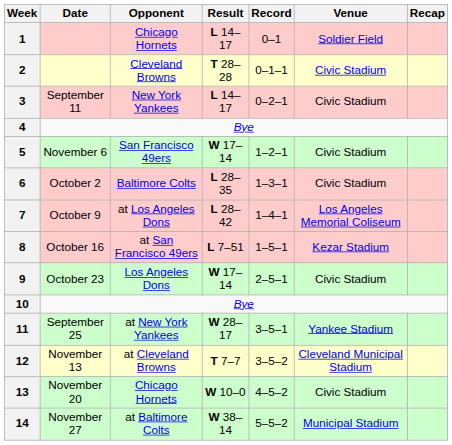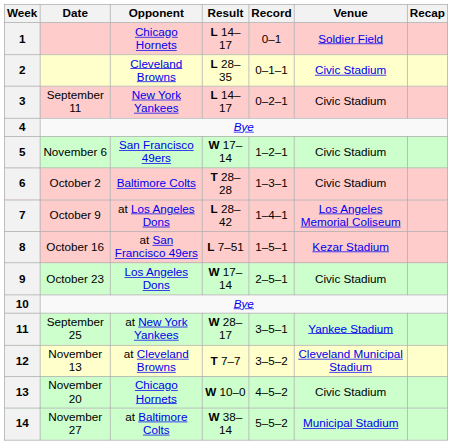 <table class="wikitable" style="text-align:center">
 <tr>
 <th>Week</th>
 <th>Date</th>
 <th>Opponent</th>
 <th>Result</th>
 <th>Record</th>
 <th>Venue</th>
 <th>Recap</th>
 </tr>
 <tr style="background: #fcc;">
 <th>1</th>
 <td></td>
 <td><a href='#'>Chicago Hornets</a></td>
 <td><strong>L</strong> 14–17</td>
 <td>0–1</td>
 <td><a href='#'>Soldier Field</a></td>
 <td></td>
 </tr>
 <tr style="background: #ffc;">
 <th>2</th>
 <td></td>
 <td><a href='#'>Cleveland Browns</a></td>
-<td><strong>T</strong> 28–28</td>
+<td><strong>L</strong> 28–35</td>
 <td>0–1–1</td>
 <td><a href='#'>Civic Stadium</a></td>
 <td></td>
 </tr>
 <tr style="background: #fcc;">
 <th>3</th>
 <td>September 11</td>
 <td><a href='#'>New York Yankees</a></td>
 <td><strong>L</strong> 14–17</td>
 <td>0–2–1</td>
 <td>Civic Stadium</td>
 <td></td>
 </tr>
 <tr>
 <th>4</th>
 <td colspan="6"><em><a href='#'>Bye</a></em></td>
 </tr>
 <tr style="background: #cfc;">
 <th>5</th>
 <td>November 6</td>
 <td><a href='#'>San Francisco 49ers</a></td>
 <td><strong>W</strong> 17–14</td>
 <td>1–2–1</td>
 <td>Civic Stadium</td>
 <td></td>
 </tr>
 <tr style="background: #fcc;">
 <th>6</th>
 <td>October 2</td>
 <td><a href='#'>Baltimore Colts</a></td>
-<td><strong>L</strong> 28–35</td>
+<td><strong>T</strong> 28–28</td>
 <td>1–3–1</td>
 <td>Civic Stadium</td>
 <td></td>
 </tr>
 <tr style="background: #fcc;">
 <th>7</th>
 <td>October 9</td>
 <td>at <a href='#'>Los Angeles Dons</a></td>
 <td><strong>L</strong> 28–42</td>
 <td>1–4–1</td>
 <td><a href='#'>Los Angeles Memorial Coliseum</a></td>
 <td></td>
 </tr>
 <tr style="background: #fcc;">
 <th>8</th>
 <td>October 16</td>
 <td>at <a href='#'>San Francisco 49ers</a></td>
 <td><strong>L</strong> 7–51</td>
 <td>1–5–1</td>
 <td><a href='#'>Kezar Stadium</a></td>
 <td></td>
 </tr>
 <tr style="background: #cfc;">
 <th>9</th>
 <td>October 23</td>
 <td><a href='#'>Los Angeles Dons</a></td>
 <td><strong>W</strong> 17–14</td>
 <td>2–5–1</td>
 <td>Civic Stadium</td>
 <td></td>
 </tr>
 <tr>
 <th>10</th>
 <td colspan="6"><em><a href='#'>Bye</a></em></td>
 </tr>
 <tr style="background: #cfc;">
 <th>11</th>
 <td>September 25</td>
 <td>at <a href='#'>New York Yankees</a></td>
 <td><strong>W</strong> 28–17</td>
 <td>3–5–1</td>
 <td><a href='#'>Yankee Stadium</a></td>
 <td></td>
 </tr>
 <tr style="background: #ffc;">
 <th>12</th>
 <td>November 13</td>
 <td>at <a href='#'>Cleveland Browns</a></td>
 <td><strong>T</strong> 7–7</td>
 <td>3–5–2</td>
 <td><a href='#'>Cleveland Municipal Stadium</a></td>
 <td></td>
 </tr>
 <tr style="background: #cfc;">
 <th>13</th>
 <td>November 20</td>
 <td><a href='#'>Chicago Hornets</a></td>
 <td><strong>W</strong> 10–0</td>
 <td>4–5–2</td>
 <td>Civic Stadium</td>
 <td></td>
 </tr>
 <tr style="background: #cfc;">
 <th>14</th>
 <td>November 27</td>
 <td>at <a href='#'>Baltimore Colts</a></td>
 <td><strong>W</strong> 38–14</td>
 <td>5–5–2</td>
 <td><a href='#'>Municipal Stadium</a></td>
 <td></td>
 </tr>
 </table>
